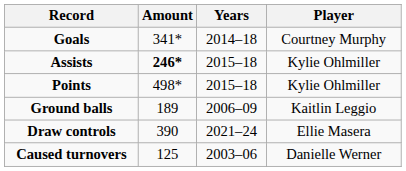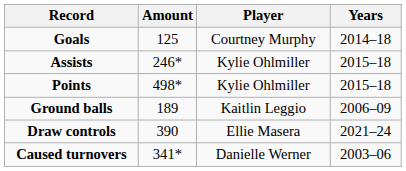 <table class="wikitable">
 <tr>
 <th style="width:140px; ">Record</th>
 <th style="width:35px; ">Amount</th>
+<th style="width:140px; ">Player</th>
 <th style="width:70px; ">Years</th>
-<th style="width:140px; ">Player</th>
 </tr>
 <tr style="text-align:center;">
 <td><strong>Goals</strong></td>
-<td>341*</td>
+<td>125</td>
+<td>Courtney Murphy</td>
 <td>2014–18</td>
-<td>Courtney Murphy</td>
 </tr>
 <tr style="text-align:center;">
 <td><strong>Assists</strong></td>
-<td><strong>246*</strong></td>
+<td>246*</td>
+<td>Kylie Ohlmiller</td>
 <td>2015–18</td>
-<td>Kylie Ohlmiller</td>
 </tr>
 <tr style="text-align:center;">
 <td><strong>Points</strong></td>
 <td>498*</td>
+<td>Kylie Ohlmiller</td>
 <td>2015–18</td>
-<td>Kylie Ohlmiller</td>
 </tr>
 <tr style="text-align:center;">
 <td><strong>Ground balls</strong></td>
 <td>189</td>
+<td>Kaitlin Leggio</td>
 <td>2006–09</td>
-<td>Kaitlin Leggio</td>
 </tr>
 <tr style="text-align:center;">
 <td><strong>Draw controls</strong></td>
 <td>390</td>
+<td>Ellie Masera</td>
 <td>2021–24</td>
-<td>Ellie Masera</td>
 </tr>
 <tr style="text-align:center;">
 <td><strong>Caused turnovers</strong></td>
-<td>125</td>
+<td>341*</td>
+<td>Danielle Werner</td>
 <td>2003–06</td>
-<td>Danielle Werner</td>
 </tr>
 </table>
